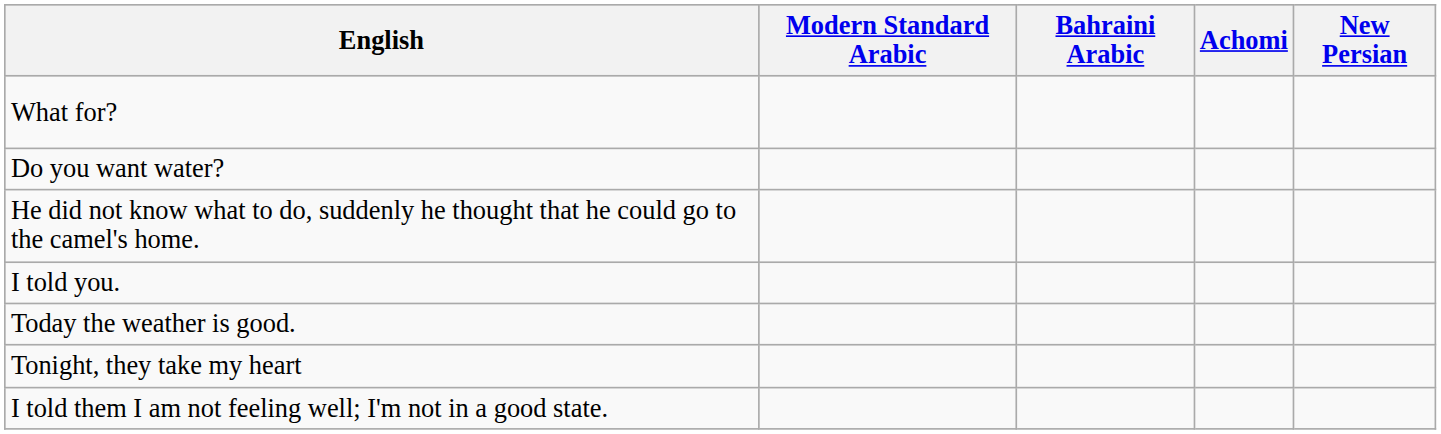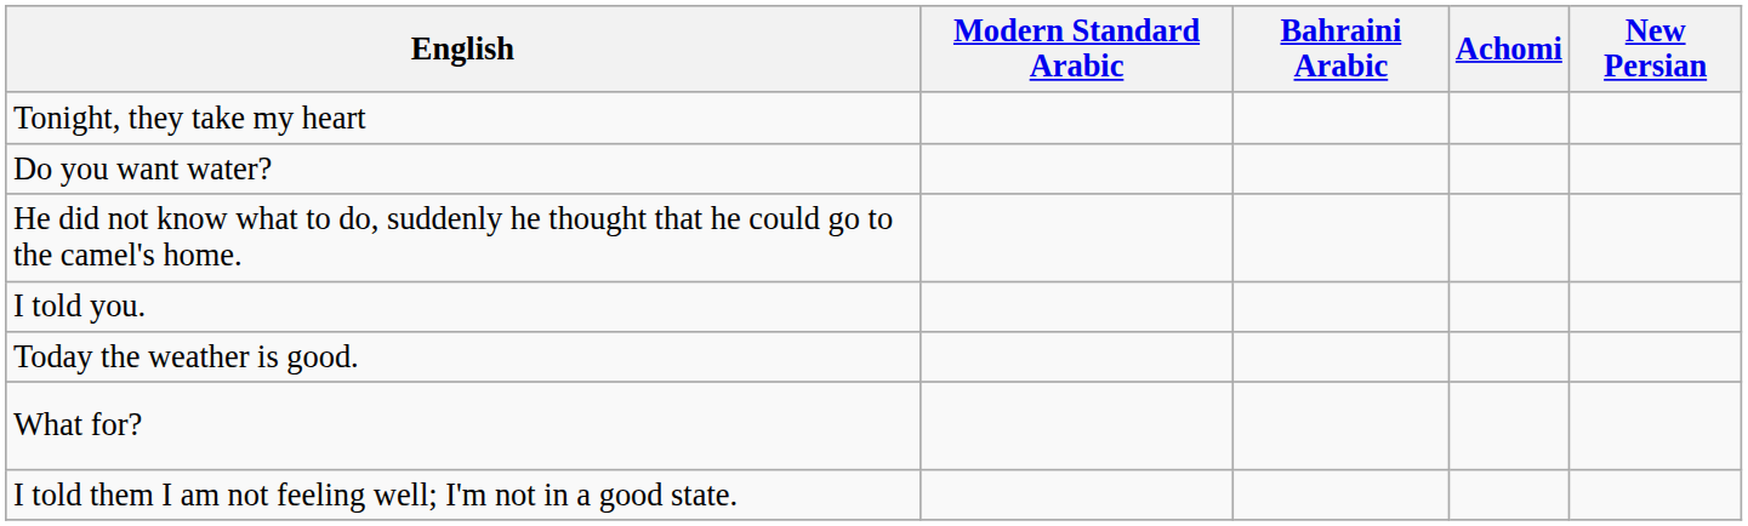 <table class="wikitable">
 <tr>
 <th>English</th>
 <th><a href='#'>Modern Standard Arabic</a></th>
 <th><a href='#'>Bahraini Arabic</a></th>
 <th><a href='#'>Achomi</a></th>
 <th><a href='#'>New Persian</a></th>
 </tr>
 <tr>
-<td>What for?</td>
+<td>Tonight, they take my heart</td>
 <td></td>
 <td></td>
 <td></td>
-<td><br><br></td>
+<td><br> </td>
 </tr>
 <tr>
 <td>Do you want water?</td>
 <td></td>
 <td></td>
 <td></td>
 <td><br> </td>
 </tr>
 <tr>
 <td>He did not know what to do, suddenly he thought that he could go to the camel's home.</td>
 <td></td>
 <td></td>
 <td></td>
 <td><br></td>
 </tr>
 <tr>
 <td>I told you.</td>
 <td></td>
 <td></td>
 <td></td>
 <td><br> </td>
 </tr>
 <tr>
 <td>Today the weather is good.</td>
 <td></td>
 <td></td>
 <td></td>
 <td><br> </td>
 </tr>
 <tr>
-<td>Tonight, they take my heart</td>
+<td>What for?</td>
 <td></td>
 <td></td>
 <td></td>
-<td><br> </td>
+<td><br><br></td>
 </tr>
 <tr>
 <td>I told them I am not feeling well; I'm not in a good state.</td>
 <td></td>
 <td></td>
 <td></td>
 <td><br> </td>
 </tr>
 </table>
